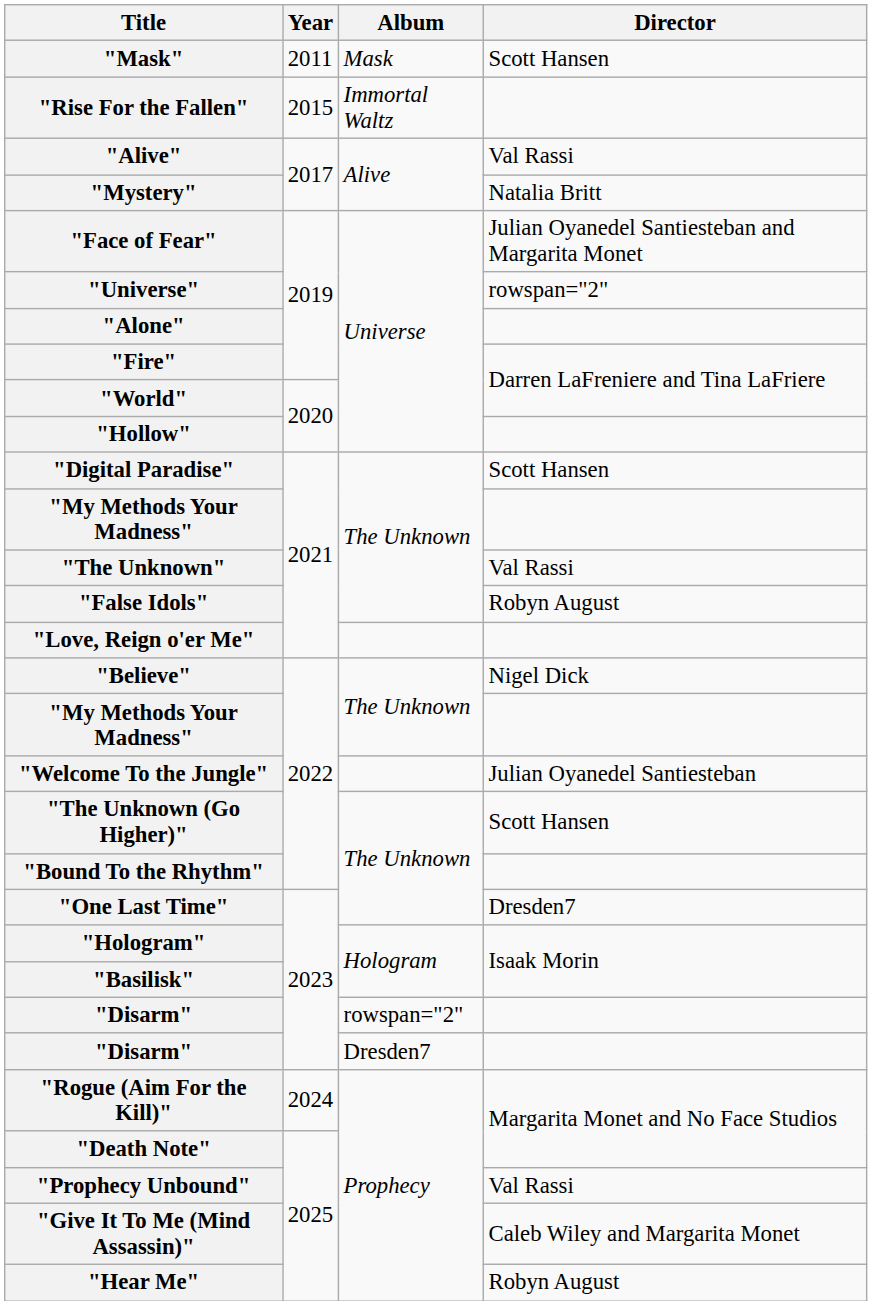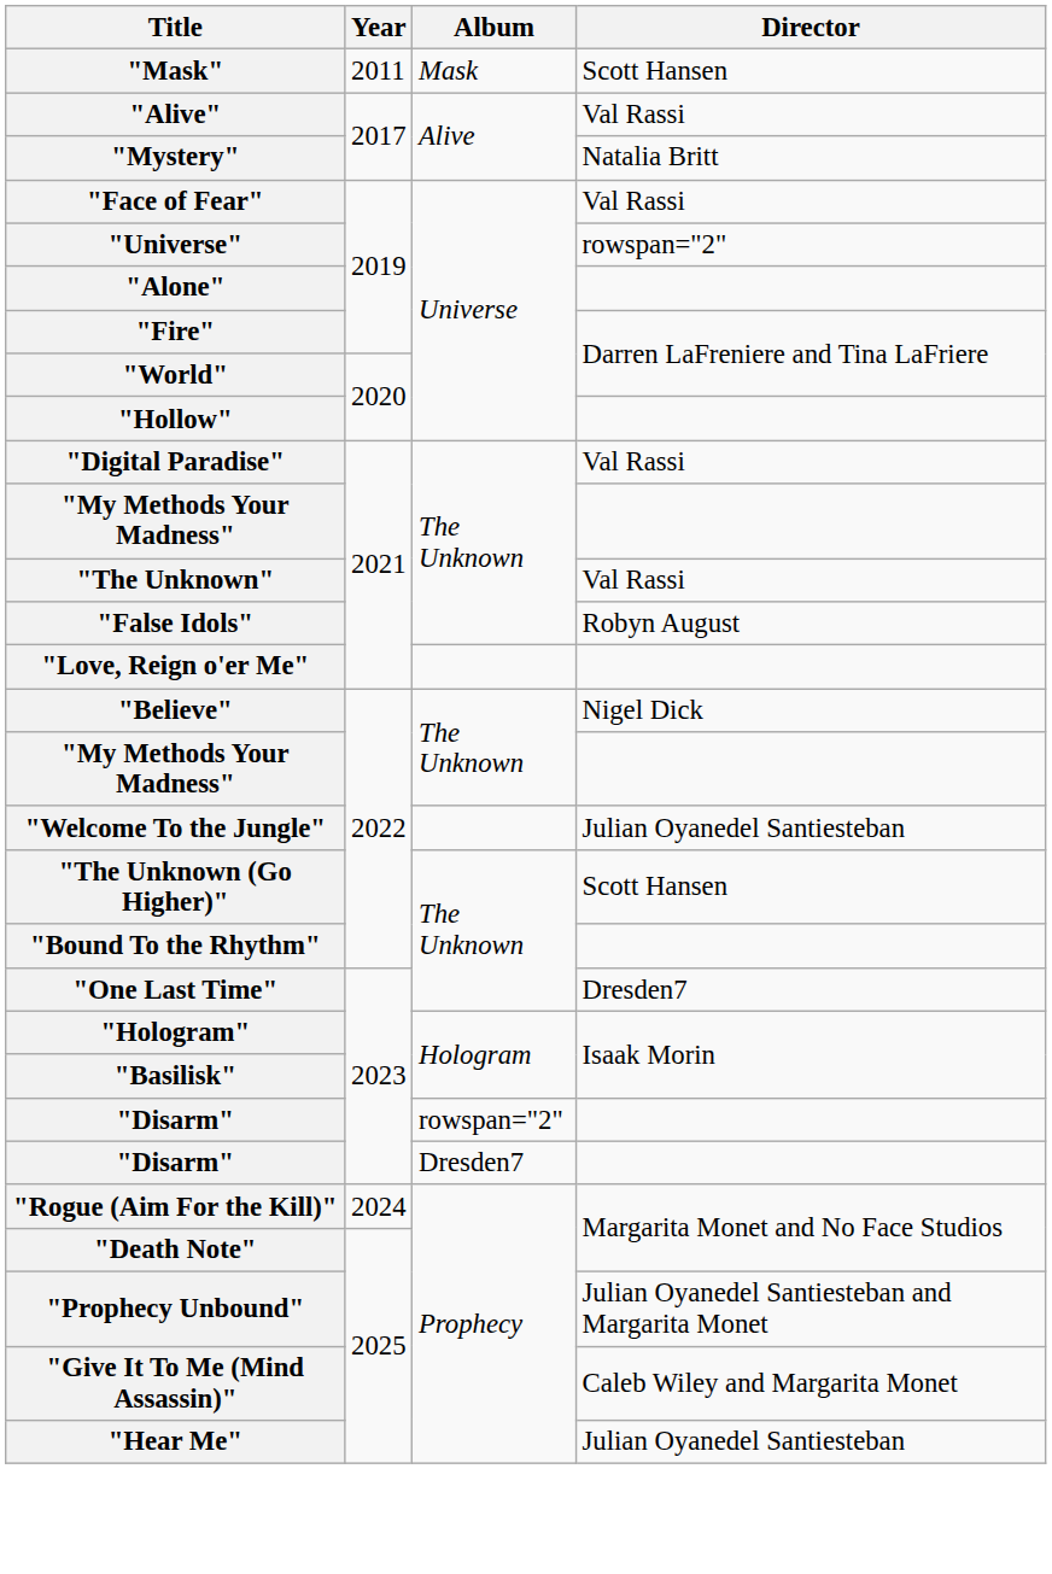 <table class="wikitable plainrowheaders">
 <tr>
 <th>Title</th>
 <th>Year</th>
 <th>Album</th>
 <th>Director</th>
 </tr>
 <tr>
 <th scope="row">"Mask"</th>
 <td>2011</td>
 <td><em>Mask</em></td>
 <td>Scott Hansen</td>
-</tr>
-<tr>
-<th scope="row">"Rise For the Fallen"</th>
-<td>2015</td>
-<td><em>Immortal Waltz</em></td>
-<td></td>
 </tr>
 <tr>
 <th scope="row">"Alive"</th>
 <td rowspan="2">2017</td>
 <td rowspan="2"><em>Alive</em></td>
 <td>Val Rassi</td>
 </tr>
 <tr>
 <th scope="row">"Mystery"</th>
 <td>Natalia Britt</td>
 </tr>
 <tr>
 <th scope="row">"Face of Fear"</th>
 <td rowspan="4">2019</td>
 <td rowspan="6"><em>Universe</em></td>
-<td>Julian Oyanedel Santiesteban and Margarita Monet</td>
+<td>Val Rassi</td>
 </tr>
 <tr>
 <th scope="row">"Universe"</th>
 <td>rowspan="2" </td>
 </tr>
 <tr>
 <th scope="row">"Alone"</th>
 </tr>
 <tr>
 <th scope="row">"Fire"</th>
 <td rowspan="2">Darren LaFreniere and Tina LaFriere</td>
 </tr>
 <tr>
 <th scope="row">"World"</th>
 <td rowspan="2">2020</td>
 </tr>
 <tr>
 <th scope="row">"Hollow"</th>
 <td></td>
 </tr>
 <tr>
 <th scope="row">"Digital Paradise"</th>
 <td rowspan="5">2021</td>
 <td rowspan="4"><em>The Unknown</em></td>
-<td>Scott Hansen</td>
+<td>Val Rassi</td>
 </tr>
 <tr>
 <th scope="row">"My Methods Your Madness"</th>
 <td></td>
 </tr>
 <tr>
 <th scope="row">"The Unknown"</th>
 <td>Val Rassi</td>
 </tr>
 <tr>
 <th scope="row">"False Idols"</th>
 <td>Robyn August</td>
 </tr>
 <tr>
 <th scope="row">"Love, Reign o'er Me"</th>
 <td></td>
 <td></td>
 </tr>
 <tr>
 <th scope="row">"Believe"</th>
 <td rowspan="5">2022</td>
 <td rowspan="2"><em>The Unknown</em></td>
 <td>Nigel Dick</td>
 </tr>
 <tr>
 <th scope="row">"My Methods Your Madness"<br></th>
 <td></td>
 </tr>
 <tr>
 <th scope="row">"Welcome To the Jungle"</th>
 <td></td>
 <td>Julian Oyanedel Santiesteban</td>
 </tr>
 <tr>
 <th scope="row">"The Unknown (Go Higher)"</th>
 <td rowspan="3"><em>The Unknown</em></td>
 <td>Scott Hansen</td>
 </tr>
 <tr>
 <th scope="row">"Bound To the Rhythm"</th>
 <td></td>
 </tr>
 <tr>
 <th scope="row">"One Last Time" </th>
 <td rowspan="5">2023</td>
 <td>Dresden7</td>
 </tr>
 <tr>
 <th scope="row">"Hologram"</th>
 <td rowspan="2"><em>Hologram</em></td>
 <td rowspan="2">Isaak Morin</td>
 </tr>
 <tr>
 <th scope="row">"Basilisk"</th>
 </tr>
 <tr>
 <th scope="row">"Disarm"</th>
 <td>rowspan="2" </td>
 <td></td>
 </tr>
 <tr>
 <th scope="row">"Disarm" </th>
 <td>Dresden7</td>
 </tr>
 <tr>
 <th scope="row">"Rogue (Aim For the Kill)"</th>
 <td>2024</td>
 <td rowspan="5"><em>Prophecy</em></td>
 <td rowspan="2">Margarita Monet and No Face Studios</td>
 </tr>
 <tr>
 <th scope="row">"Death Note"</th>
 <td rowspan="4">2025</td>
 </tr>
 <tr>
 <th scope="row">"Prophecy Unbound"</th>
-<td>Val Rassi</td>
+<td>Julian Oyanedel Santiesteban and Margarita Monet</td>
 </tr>
 <tr>
 <th scope="row">"Give It To Me (Mind Assassin)"</th>
 <td>Caleb Wiley and Margarita Monet</td>
 </tr>
 <tr>
 <th scope="row">"Hear Me"</th>
-<td>Robyn August</td>
+<td>Julian Oyanedel Santiesteban</td>
 </tr>
 </table>
